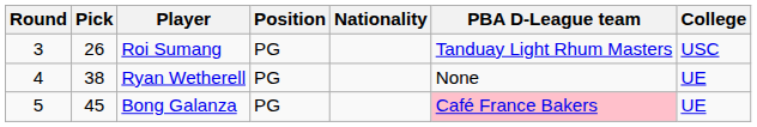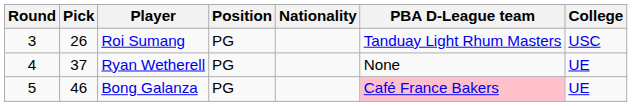 <table class="wikitable sortable sortable">
 <tr>
 <th>Round</th>
 <th>Pick</th>
 <th>Player</th>
 <th>Position</th>
 <th>Nationality</th>
 <th>PBA D-League team</th>
 <th>College</th>
 </tr>
 <tr>
 <td align=center>3</td>
 <td align=center>26</td>
 <td><a href='#'>Roi Sumang</a></td>
 <td>PG</td>
 <td></td>
 <td><a href='#'>Tanduay Light Rhum Masters</a></td>
 <td><a href='#'>USC</a></td>
 </tr>
 <tr>
 <td align=center>4</td>
-<td align=center>38</td>
+<td align=center>37</td>
 <td><a href='#'>Ryan Wetherell</a></td>
 <td>PG</td>
 <td></td>
 <td>None</td>
 <td><a href='#'>UE</a></td>
 </tr>
 <tr>
 <td align=center>5</td>
-<td align=center>45</td>
+<td align=center>46</td>
 <td><a href='#'>Bong Galanza</a></td>
 <td>PG</td>
 <td></td>
 <td style="background: pink;"><a href='#'>Café France Bakers</a></td>
 <td><a href='#'>UE</a></td>
 </tr>
 </table>
